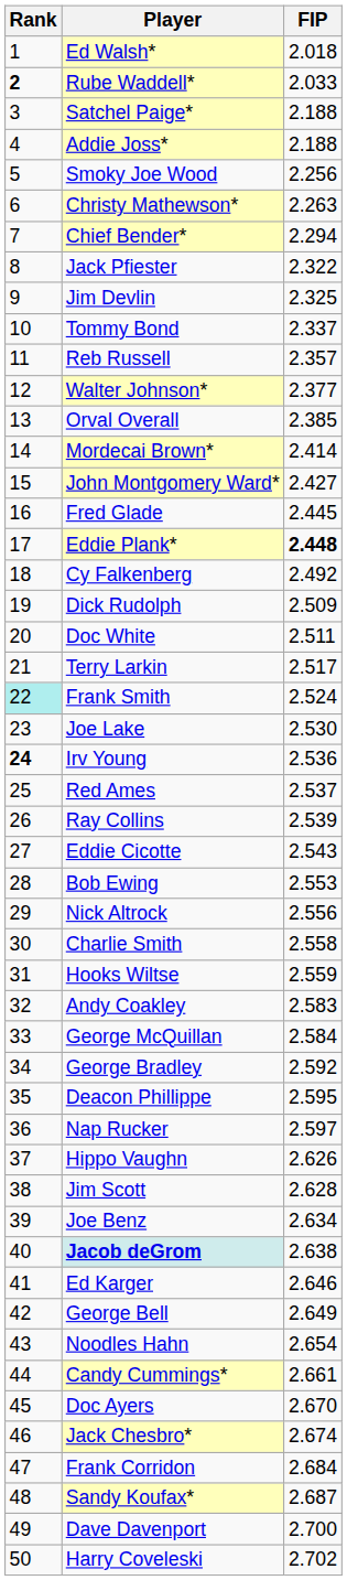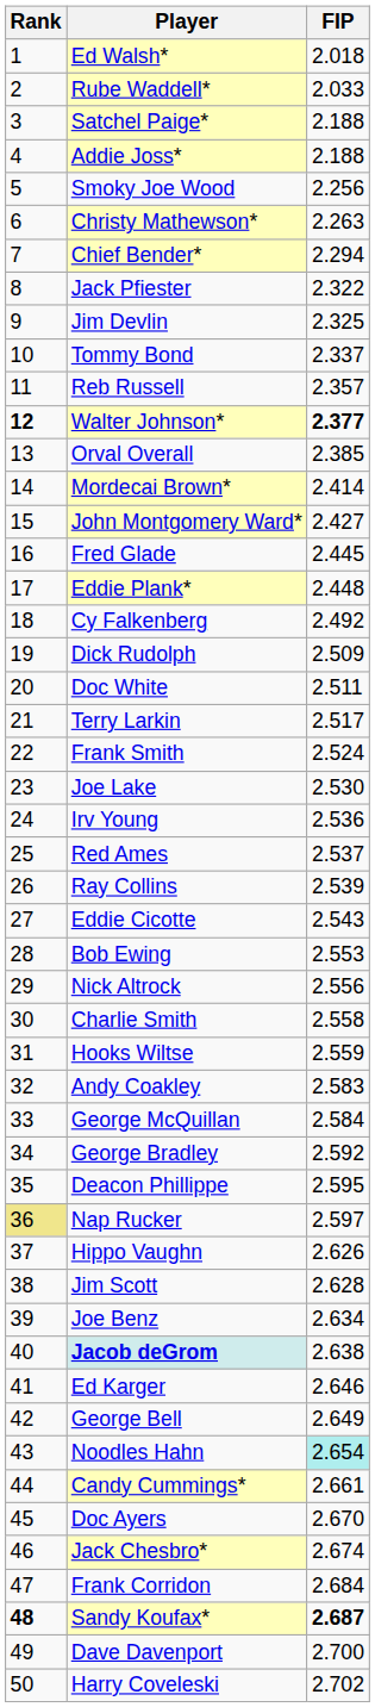 <table class="wikitable" style="float:left;">
 <tr style="white-space:nowrap;">
 <th>Rank</th>
 <th>Player</th>
 <th>FIP</th>
 </tr>
 <tr>
 <td>1</td>
 <td style="background:#ffffbb;"><a href='#'>Ed Walsh</a>*</td>
 <td>2.018</td>
 </tr>
 <tr>
-<td><strong>2</strong></td>
+<td>2</td>
 <td style="background:#ffffbb;"><a href='#'>Rube Waddell</a>*</td>
 <td>2.033</td>
 </tr>
 <tr>
 <td>3</td>
 <td style="background:#ffffbb;"><a href='#'>Satchel Paige</a>*</td>
 <td>2.188</td>
 </tr>
 <tr>
 <td>4</td>
 <td style="background:#ffffbb;"><a href='#'>Addie Joss</a>*</td>
 <td>2.188</td>
 </tr>
 <tr>
 <td>5</td>
 <td><a href='#'>Smoky Joe Wood</a></td>
 <td>2.256</td>
 </tr>
 <tr>
 <td>6</td>
 <td style="background:#ffffbb;"><a href='#'>Christy Mathewson</a>*</td>
 <td>2.263</td>
 </tr>
 <tr>
 <td>7</td>
 <td style="background:#ffffbb;"><a href='#'>Chief Bender</a>*</td>
 <td>2.294</td>
 </tr>
 <tr>
 <td>8</td>
 <td><a href='#'>Jack Pfiester</a></td>
 <td>2.322</td>
 </tr>
 <tr>
 <td>9</td>
 <td><a href='#'>Jim Devlin</a></td>
 <td>2.325</td>
 </tr>
 <tr>
 <td>10</td>
 <td><a href='#'>Tommy Bond</a></td>
 <td>2.337</td>
 </tr>
 <tr>
 <td>11</td>
 <td><a href='#'>Reb Russell</a></td>
 <td>2.357</td>
 </tr>
 <tr>
-<td>12</td>
+<td><strong>12</strong></td>
 <td style="background:#ffffbb;"><a href='#'>Walter Johnson</a>*</td>
-<td>2.377</td>
+<td><strong>2.377</strong></td>
 </tr>
 <tr>
 <td>13</td>
 <td><a href='#'>Orval Overall</a></td>
 <td>2.385</td>
 </tr>
 <tr>
 <td>14</td>
 <td style="background:#ffffbb;"><a href='#'>Mordecai Brown</a>*</td>
 <td>2.414</td>
 </tr>
 <tr>
 <td>15</td>
 <td style="background:#ffffbb;"><a href='#'>John Montgomery Ward</a>*</td>
 <td>2.427</td>
 </tr>
 <tr>
 <td>16</td>
 <td><a href='#'>Fred Glade</a></td>
 <td>2.445</td>
 </tr>
 <tr>
 <td>17</td>
 <td style="background:#ffffbb;"><a href='#'>Eddie Plank</a>*</td>
-<td><strong>2.448</strong></td>
+<td>2.448</td>
 </tr>
 <tr>
 <td>18</td>
 <td><a href='#'>Cy Falkenberg</a></td>
 <td>2.492</td>
 </tr>
 <tr>
 <td>19</td>
 <td><a href='#'>Dick Rudolph</a></td>
 <td>2.509</td>
 </tr>
 <tr>
 <td>20</td>
 <td><a href='#'>Doc White</a></td>
 <td>2.511</td>
 </tr>
 <tr>
 <td>21</td>
 <td><a href='#'>Terry Larkin</a></td>
 <td>2.517</td>
 </tr>
 <tr>
-<td style="background: paleturquoise;">22</td>
+<td>22</td>
 <td><a href='#'>Frank Smith</a></td>
 <td>2.524</td>
 </tr>
 <tr>
 <td>23</td>
 <td><a href='#'>Joe Lake</a></td>
 <td>2.530</td>
 </tr>
 <tr>
-<td><strong>24</strong></td>
+<td>24</td>
 <td><a href='#'>Irv Young</a></td>
 <td>2.536</td>
 </tr>
 <tr>
 <td>25</td>
 <td><a href='#'>Red Ames</a></td>
 <td>2.537</td>
 </tr>
 <tr>
 <td>26</td>
 <td><a href='#'>Ray Collins</a></td>
 <td>2.539</td>
 </tr>
 <tr>
 <td>27</td>
 <td><a href='#'>Eddie Cicotte</a></td>
 <td>2.543</td>
 </tr>
 <tr>
 <td>28</td>
 <td><a href='#'>Bob Ewing</a></td>
 <td>2.553</td>
 </tr>
 <tr>
 <td>29</td>
 <td><a href='#'>Nick Altrock</a></td>
 <td>2.556</td>
 </tr>
 <tr>
 <td>30</td>
 <td><a href='#'>Charlie Smith</a></td>
 <td>2.558</td>
 </tr>
 <tr>
 <td>31</td>
 <td><a href='#'>Hooks Wiltse</a></td>
 <td>2.559</td>
 </tr>
 <tr>
 <td>32</td>
 <td><a href='#'>Andy Coakley</a></td>
 <td>2.583</td>
 </tr>
 <tr>
 <td>33</td>
 <td><a href='#'>George McQuillan</a></td>
 <td>2.584</td>
 </tr>
 <tr>
 <td>34</td>
 <td><a href='#'>George Bradley</a></td>
 <td>2.592</td>
 </tr>
 <tr>
 <td>35</td>
 <td><a href='#'>Deacon Phillippe</a></td>
 <td>2.595</td>
 </tr>
 <tr>
-<td>36</td>
+<td style="background: khaki;">36</td>
 <td><a href='#'>Nap Rucker</a></td>
 <td>2.597</td>
 </tr>
 <tr>
 <td>37</td>
 <td><a href='#'>Hippo Vaughn</a></td>
 <td>2.626</td>
 </tr>
 <tr>
 <td>38</td>
 <td><a href='#'>Jim Scott</a></td>
 <td>2.628</td>
 </tr>
 <tr>
 <td>39</td>
 <td><a href='#'>Joe Benz</a></td>
 <td>2.634</td>
 </tr>
 <tr>
 <td>40</td>
 <td style="background:#cfecec;"><strong><a href='#'>Jacob deGrom</a></strong></td>
 <td>2.638</td>
 </tr>
 <tr>
 <td>41</td>
 <td><a href='#'>Ed Karger</a></td>
 <td>2.646</td>
 </tr>
 <tr>
 <td>42</td>
 <td><a href='#'>George Bell</a></td>
 <td>2.649</td>
 </tr>
 <tr>
 <td>43</td>
 <td><a href='#'>Noodles Hahn</a></td>
-<td>2.654</td>
+<td style="background: paleturquoise;">2.654</td>
 </tr>
 <tr>
 <td>44</td>
 <td style="background:#ffffbb;"><a href='#'>Candy Cummings</a>*</td>
 <td>2.661</td>
 </tr>
 <tr>
 <td>45</td>
 <td><a href='#'>Doc Ayers</a></td>
 <td>2.670</td>
 </tr>
 <tr>
 <td>46</td>
 <td style="background:#ffffbb;"><a href='#'>Jack Chesbro</a>*</td>
 <td>2.674</td>
 </tr>
 <tr>
 <td>47</td>
 <td><a href='#'>Frank Corridon</a></td>
 <td>2.684</td>
 </tr>
 <tr>
-<td>48</td>
+<td><strong>48</strong></td>
 <td style="background:#ffffbb;"><a href='#'>Sandy Koufax</a>*</td>
-<td>2.687</td>
+<td><strong>2.687</strong></td>
 </tr>
 <tr>
 <td>49</td>
 <td><a href='#'>Dave Davenport</a></td>
 <td>2.700</td>
 </tr>
 <tr>
 <td>50</td>
 <td><a href='#'>Harry Coveleski</a></td>
 <td>2.702</td>
 </tr>
 </table>
